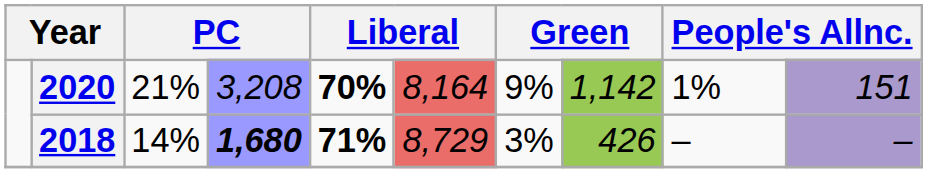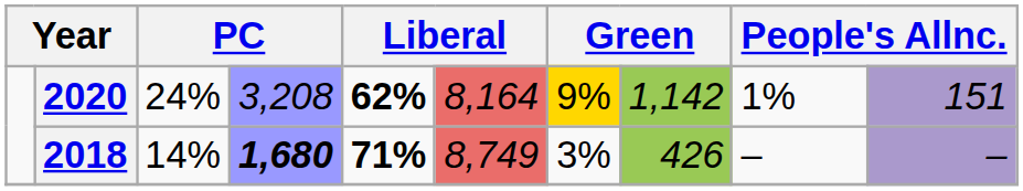 <table class="wikitable" style="width:400; font-size:90%; margin-left:1em;">
 <tr>
 <th colspan="2" scope="col">Year</th>
 <th colspan="2" scope="col"><a href='#'>PC</a></th>
 <th colspan="2" scope="col"><a href='#'>Liberal</a></th>
 <th colspan="2" scope="col"><a href='#'>Green</a></th>
 <th colspan="2" scope="col"><a href='#'>People's Allnc.</a></th>
 </tr>
 <tr>
 <td rowspan="2" style="width: 0.25em; background-color: "></td>
 <th><a href='#'>2020</a></th>
-<td>21%</td>
+<td>24%</td>
 <td style="text-align:right; background:#9999FF;"><em>3,208</em></td>
-<td><strong>70%</strong></td>
+<td><strong>62%</strong></td>
 <td style="text-align:right; background:#EA6D6A;"><em>8,164</em></td>
-<td>9%</td>
+<td style="background: gold;">9%</td>
 <td style="text-align:right; background:#99C955;"><em>1,142</em></td>
 <td>1%</td>
 <td style="text-align:right; background:#AA99CC;"><em>151</em></td>
 </tr>
 <tr>
 <th><a href='#'>2018</a></th>
 <td>14%</td>
 <td style="text-align:right; background:#9999FF;"><strong><em>1,680</em></strong></td>
 <td><strong>71%</strong></td>
-<td style="text-align:right; background:#EA6D6A;"><em>8,729</em></td>
+<td style="text-align:right; background:#EA6D6A;"><em>8,749</em></td>
 <td>3%</td>
 <td style="text-align:right; background:#99C955;"><em>426</em></td>
 <td>–</td>
 <td style="text-align:right; background:#AA99CC;"><em>–</em></td>
 </tr>
 <tr>
 </tr>
 </table>
